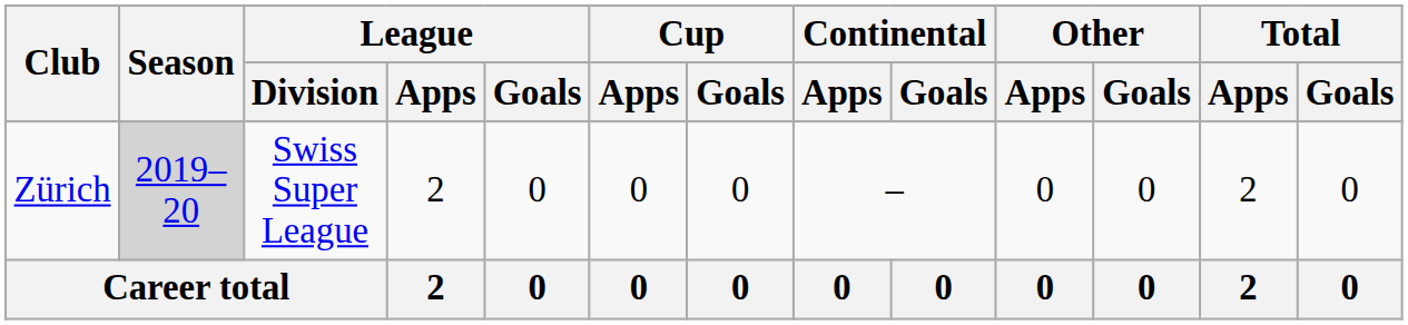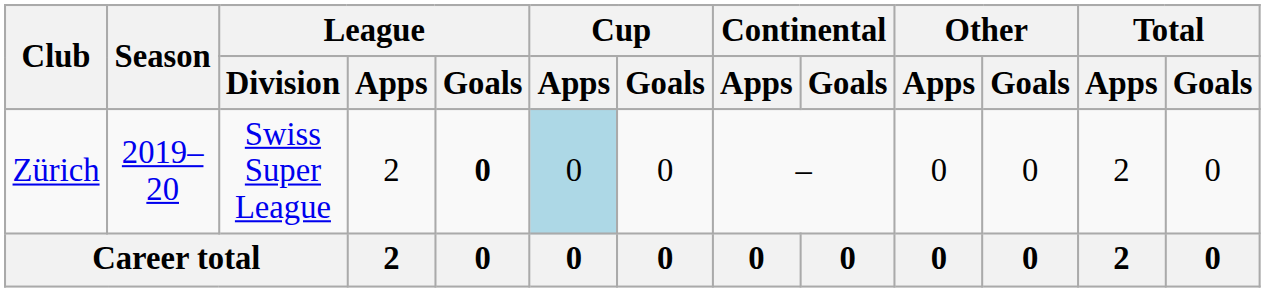 <table class="wikitable" style="text-align: center">
 <tr>
 <th rowspan="2">Club</th>
 <th rowspan="2">Season</th>
 <th colspan="3">League</th>
 <th colspan="2">Cup</th>
 <th colspan="2">Continental</th>
 <th colspan="2">Other</th>
 <th colspan="2">Total</th>
 </tr>
 <tr>
 <th>Division</th>
 <th>Apps</th>
 <th>Goals</th>
 <th>Apps</th>
 <th>Goals</th>
 <th>Apps</th>
 <th>Goals</th>
 <th>Apps</th>
 <th>Goals</th>
 <th>Apps</th>
 <th>Goals</th>
 </tr>
 <tr>
 <td><a href='#'>Zürich</a></td>
-<td style="background: lightgrey;"><a href='#'>2019–20</a></td>
+<td><a href='#'>2019–20</a></td>
 <td><a href='#'>Swiss Super League</a></td>
 <td>2</td>
-<td>0</td>
-<td>0</td>
+<td><strong>0</strong></td>
+<td style="background: lightblue;">0</td>
 <td>0</td>
 <td colspan="2">–</td>
 <td>0</td>
 <td>0</td>
 <td>2</td>
 <td>0</td>
 </tr>
 <tr>
 <th colspan="3">Career total</th>
 <th>2</th>
 <th>0</th>
 <th>0</th>
 <th>0</th>
 <th>0</th>
 <th>0</th>
 <th>0</th>
 <th>0</th>
 <th>2</th>
 <th>0</th>
 </tr>
 </table>
